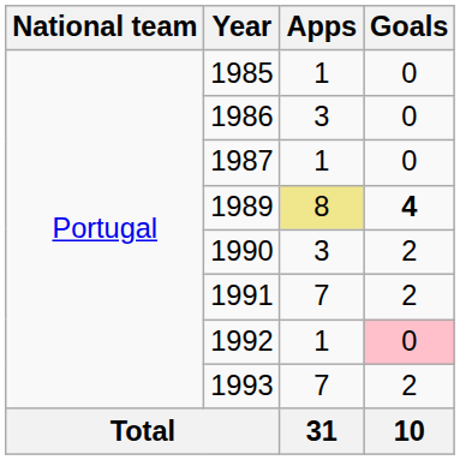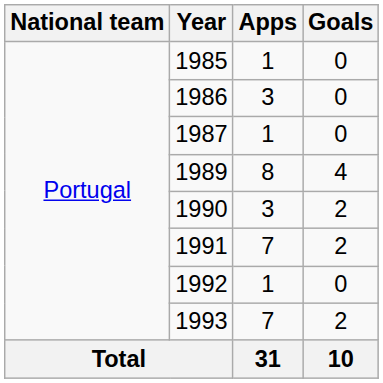 <table class="wikitable" style="text-align:center">
 <tr>
 <th>National team</th>
 <th>Year</th>
 <th>Apps</th>
 <th>Goals</th>
 </tr>
 <tr>
 <td rowspan="8"><a href='#'>Portugal</a></td>
 <td>1985</td>
 <td>1</td>
 <td>0</td>
 </tr>
 <tr>
 <td>1986</td>
 <td>3</td>
 <td>0</td>
 </tr>
 <tr>
 <td>1987</td>
 <td>1</td>
 <td>0</td>
 </tr>
 <tr>
 <td>1989</td>
-<td style="background: khaki;">8</td>
-<td><strong>4</strong></td>
+<td>8</td>
+<td>4</td>
 </tr>
 <tr>
 <td>1990</td>
 <td>3</td>
 <td>2</td>
 </tr>
 <tr>
 <td>1991</td>
 <td>7</td>
 <td>2</td>
 </tr>
 <tr>
 <td>1992</td>
 <td>1</td>
-<td style="background: pink;">0</td>
+<td>0</td>
 </tr>
 <tr>
 <td>1993</td>
 <td>7</td>
 <td>2</td>
 </tr>
 <tr>
 <th colspan="2">Total</th>
 <th>31</th>
 <th>10</th>
 </tr>
 </table>
